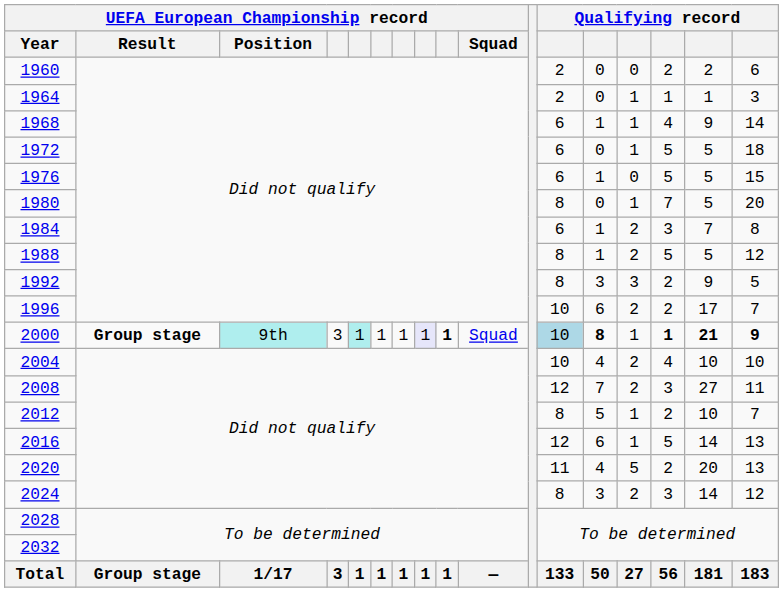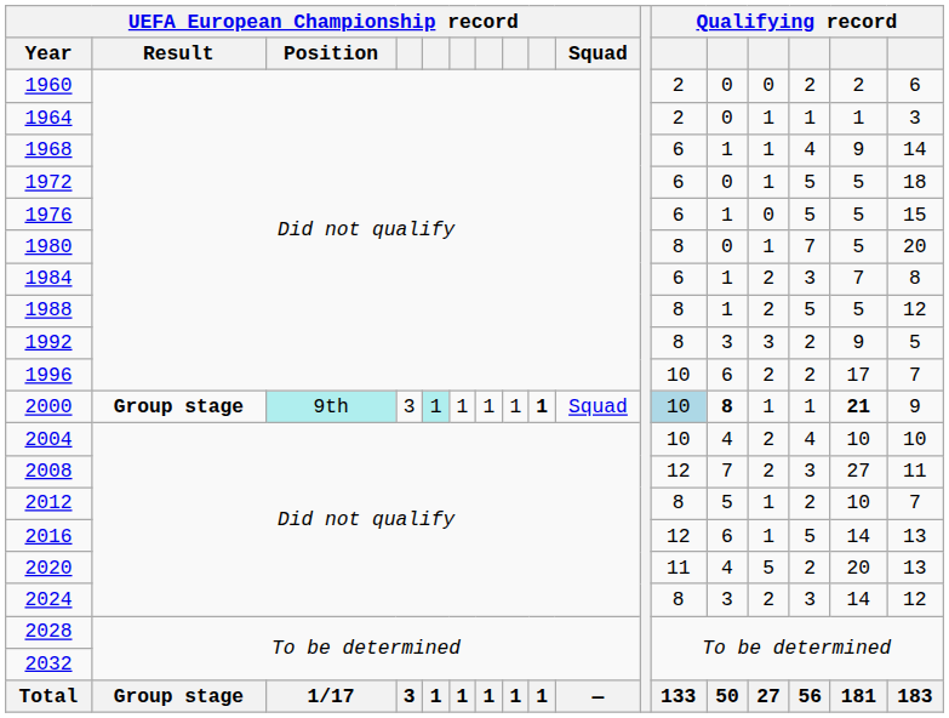 <table class="wikitable" style="text-align: center;">
 <tr>
 <th colspan=10><a href='#'>UEFA European Championship</a> record</th>
 <th width=1% rowspan=22></th>
 <th colspan=6><a href='#'>Qualifying</a> record</th>
 </tr>
 <tr>
 <th>Year</th>
 <th>Result</th>
 <th>Position</th>
 <th></th>
 <th></th>
 <th></th>
 <th></th>
 <th></th>
 <th></th>
 <th>Squad</th>
 <th></th>
 <th></th>
 <th></th>
 <th></th>
 <th></th>
 <th></th>
 </tr>
 <tr>
 <td> <a href='#'>1960</a></td>
 <td colspan=9 rowspan=10><em>Did not qualify</em></td>
 <td>2</td>
 <td>0</td>
 <td>0</td>
 <td>2</td>
 <td>2</td>
 <td>6</td>
 </tr>
 <tr>
 <td> <a href='#'>1964</a></td>
 <td>2</td>
 <td>0</td>
 <td>1</td>
 <td>1</td>
 <td>1</td>
 <td>3</td>
 </tr>
 <tr>
 <td> <a href='#'>1968</a></td>
 <td>6</td>
 <td>1</td>
 <td>1</td>
 <td>4</td>
 <td>9</td>
 <td>14</td>
 </tr>
 <tr>
 <td> <a href='#'>1972</a></td>
 <td>6</td>
 <td>0</td>
 <td>1</td>
 <td>5</td>
 <td>5</td>
 <td>18</td>
 </tr>
 <tr>
 <td> <a href='#'>1976</a></td>
 <td>6</td>
 <td>1</td>
 <td>0</td>
 <td>5</td>
 <td>5</td>
 <td>15</td>
 </tr>
 <tr>
 <td> <a href='#'>1980</a></td>
 <td>8</td>
 <td>0</td>
 <td>1</td>
 <td>7</td>
 <td>5</td>
 <td>20</td>
 </tr>
 <tr>
 <td> <a href='#'>1984</a></td>
 <td>6</td>
 <td>1</td>
 <td>2</td>
 <td>3</td>
 <td>7</td>
 <td>8</td>
 </tr>
 <tr>
 <td> <a href='#'>1988</a></td>
 <td>8</td>
 <td>1</td>
 <td>2</td>
 <td>5</td>
 <td>5</td>
 <td>12</td>
 </tr>
 <tr>
 <td> <a href='#'>1992</a></td>
 <td>8</td>
 <td>3</td>
 <td>3</td>
 <td>2</td>
 <td>9</td>
 <td>5</td>
 </tr>
 <tr>
 <td> <a href='#'>1996</a></td>
 <td>10</td>
 <td>6</td>
 <td>2</td>
 <td>2</td>
 <td>17</td>
 <td>7</td>
 </tr>
 <tr>
 <td>  <a href='#'>2000</a></td>
 <td><strong>Group stage</strong></td>
 <td style="background: paleturquoise;">9th</td>
 <td>3</td>
 <td style="background: paleturquoise;">1</td>
 <td>1</td>
 <td>1</td>
-<td style="background: lavender;">1</td>
+<td>1</td>
 <td><strong>1</strong></td>
 <td><a href='#'>Squad</a></td>
 <td style="background: lightblue;">10</td>
 <td><strong>8</strong></td>
 <td>1</td>
-<td><strong>1</strong></td>
+<td>1</td>
 <td><strong>21</strong></td>
-<td><strong>9</strong></td>
+<td>9</td>
 </tr>
 <tr>
 <td> <a href='#'>2004</a></td>
 <td colspan=9 rowspan=6><em>Did not qualify</em></td>
 <td>10</td>
 <td>4</td>
 <td>2</td>
 <td>4</td>
 <td>10</td>
 <td>10</td>
 </tr>
 <tr>
 <td>  <a href='#'>2008</a></td>
 <td>12</td>
 <td>7</td>
 <td>2</td>
 <td>3</td>
 <td>27</td>
 <td>11</td>
 </tr>
 <tr>
 <td>  <a href='#'>2012</a></td>
 <td>8</td>
 <td>5</td>
 <td>1</td>
 <td>2</td>
 <td>10</td>
 <td>7</td>
 </tr>
 <tr>
 <td> <a href='#'>2016</a></td>
 <td>12</td>
 <td>6</td>
 <td>1</td>
 <td>5</td>
 <td>14</td>
 <td>13</td>
 </tr>
 <tr>
 <td> <a href='#'>2020</a></td>
 <td>11</td>
 <td>4</td>
 <td>5</td>
 <td>2</td>
 <td>20</td>
 <td>13</td>
 </tr>
 <tr>
 <td> <a href='#'>2024</a></td>
 <td>8</td>
 <td>3</td>
 <td>2</td>
 <td>3</td>
 <td>14</td>
 <td>12</td>
 </tr>
 <tr>
 <td>  <a href='#'>2028</a></td>
 <td colspan=9 rowspan=2><em>To be determined</em></td>
 <td colspan=7 rowspan=2><em>To be determined</em></td>
 </tr>
 <tr>
 <td>  <a href='#'>2032</a></td>
 </tr>
 <tr>
 <th>Total</th>
 <th>Group stage</th>
 <th>1/17</th>
 <th>3</th>
 <th>1</th>
 <th>1</th>
 <th>1</th>
 <th>1</th>
 <th>1</th>
 <th>—</th>
 <th>133</th>
 <th>50</th>
 <th>27</th>
 <th>56</th>
 <th>181</th>
 <th>183</th>
 </tr>
 </table>
